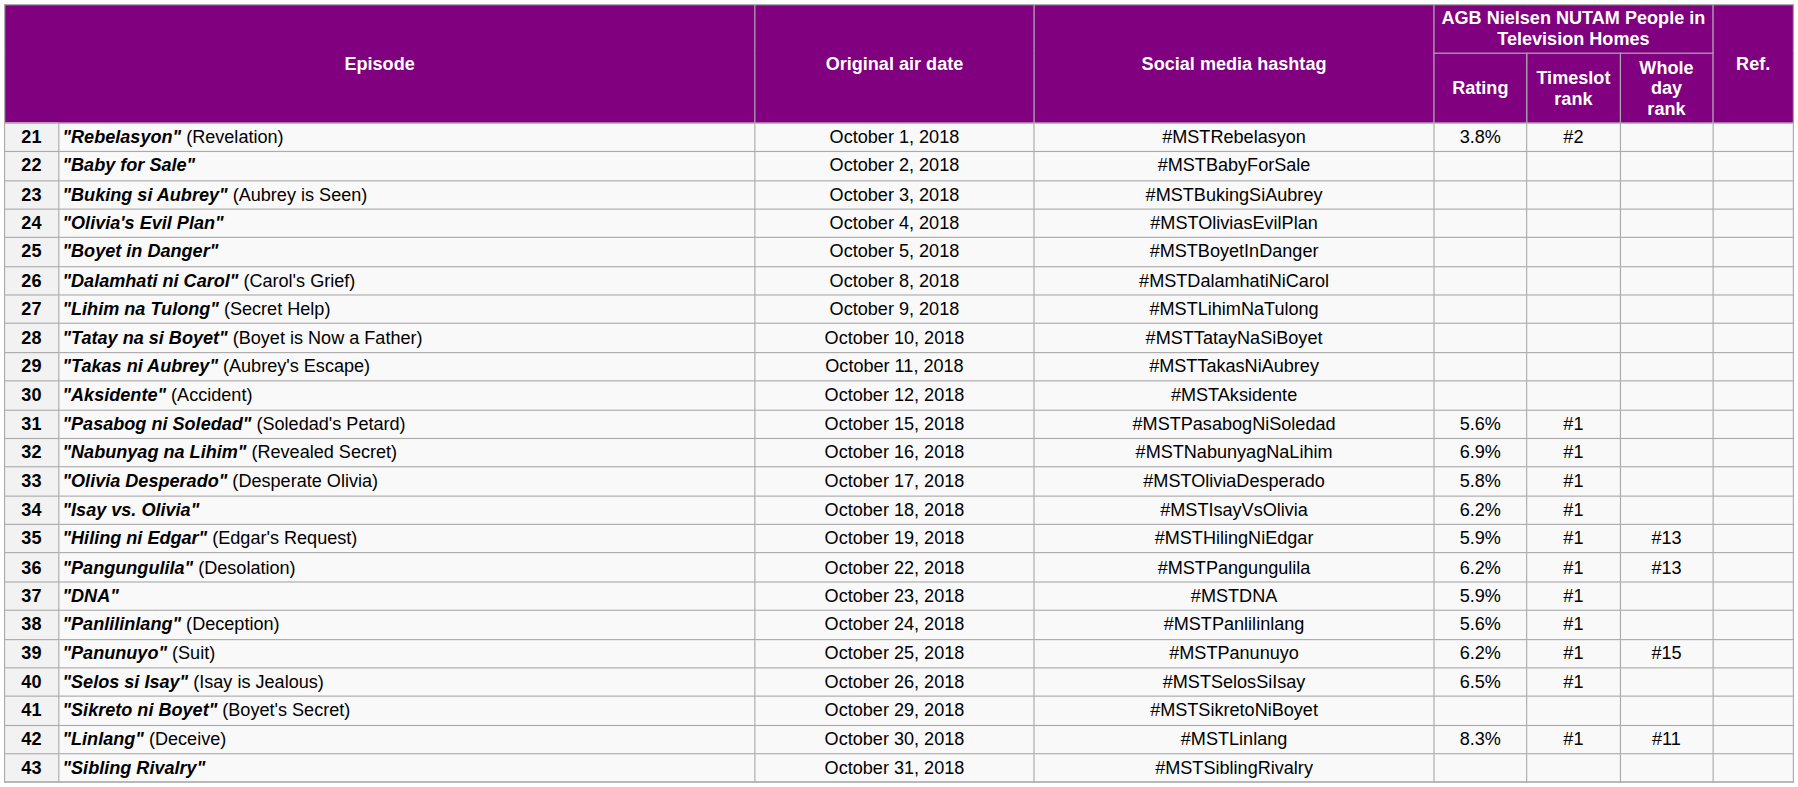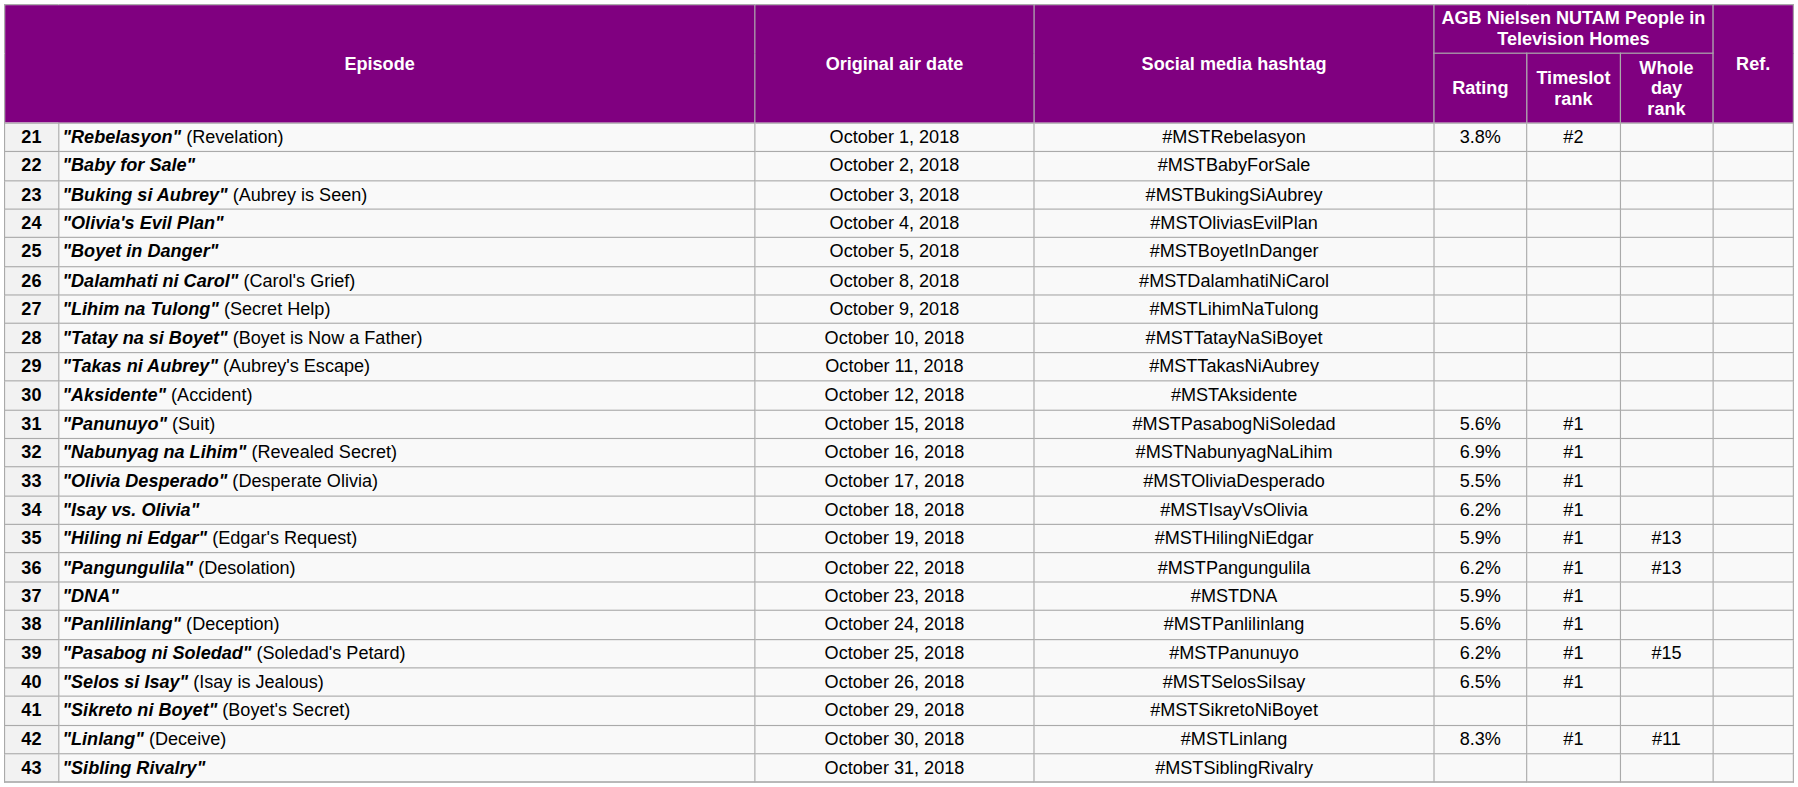 <table class="wikitable" style="text-align:center; font-size:100%; line-height:18px;" width="100%">
 <tr>
 <th style="background-color:#800080; color:#ffffff;" colspan="2" rowspan="2">Episode</th>
 <th style="background-color:#800080; color:white" rowspan="2">Original air date</th>
 <th style="background-color:#800080; color:white" rowspan="2">Social media hashtag</th>
 <th style="background-color:#800080; color:#ffffff;" colspan="3">AGB Nielsen NUTAM People in Television Homes</th>
 <th style="background-color:#800080;  color:#ffffff;" rowspan="2">Ref.</th>
 </tr>
 <tr>
 <th style="background-color:#800080; width:75px; color:#ffffff;">Rating</th>
 <th style="background-color:#800080;  width:75px; color:#ffffff;">Timeslot<br>rank</th>
 <th style="background-color:#800080; width:75px; color:#ffffff;">Whole day<br>rank</th>
 </tr>
 <tr>
 <th>21</th>
 <td style="text-align: left;"><strong><em>"Rebelasyon"</em></strong> (Revelation)</td>
 <td>October 1, 2018</td>
 <td>#MSTRebelasyon</td>
 <td>3.8%</td>
 <td>#2</td>
 <td></td>
 <td></td>
 </tr>
 <tr>
 <th>22</th>
 <td style="text-align: left;"><strong><em>"Baby for Sale"</em></strong></td>
 <td>October 2, 2018</td>
 <td>#MSTBabyForSale</td>
 <td></td>
 <td></td>
 <td></td>
 <td></td>
 </tr>
 <tr>
 <th>23</th>
 <td style="text-align: left;"><strong><em>"Buking si Aubrey"</em></strong> (Aubrey is Seen)</td>
 <td>October 3, 2018</td>
 <td>#MSTBukingSiAubrey</td>
 <td></td>
 <td></td>
 <td></td>
 <td></td>
 </tr>
 <tr>
 <th>24</th>
 <td style="text-align: left;"><strong><em>"Olivia's Evil Plan"</em></strong></td>
 <td>October 4, 2018</td>
 <td>#MSTOliviasEvilPlan</td>
 <td></td>
 <td></td>
 <td></td>
 <td></td>
 </tr>
 <tr>
 <th>25</th>
 <td style="text-align: left;"><strong><em>"Boyet in Danger"</em></strong></td>
 <td>October 5, 2018</td>
 <td>#MSTBoyetInDanger</td>
 <td></td>
 <td></td>
 <td></td>
 <td></td>
 </tr>
 <tr>
 <th>26</th>
 <td style="text-align: left;"><strong><em>"Dalamhati ni Carol"</em></strong> (Carol's Grief)</td>
 <td>October 8, 2018</td>
 <td>#MSTDalamhatiNiCarol</td>
 <td></td>
 <td></td>
 <td></td>
 <td></td>
 </tr>
 <tr>
 <th>27</th>
 <td style="text-align: left;"><strong><em>"Lihim na Tulong"</em></strong> (Secret Help)</td>
 <td>October 9, 2018</td>
 <td>#MSTLihimNaTulong</td>
 <td></td>
 <td></td>
 <td></td>
 <td></td>
 </tr>
 <tr>
 <th>28</th>
 <td style="text-align: left;"><strong><em>"Tatay na si Boyet"</em></strong> (Boyet is Now a Father)</td>
 <td>October 10, 2018</td>
 <td>#MSTTatayNaSiBoyet</td>
 <td></td>
 <td></td>
 <td></td>
 <td></td>
 </tr>
 <tr>
 <th>29</th>
 <td style="text-align: left;"><strong><em>"Takas ni Aubrey"</em></strong> (Aubrey's Escape)</td>
 <td>October 11, 2018</td>
 <td>#MSTTakasNiAubrey</td>
 <td></td>
 <td></td>
 <td></td>
 <td></td>
 </tr>
 <tr>
 <th>30</th>
 <td style="text-align: left;"><strong><em>"Aksidente"</em></strong> (Accident)</td>
 <td>October 12, 2018</td>
 <td>#MSTAksidente</td>
 <td></td>
 <td></td>
 <td></td>
 <td></td>
 </tr>
 <tr>
 <th>31</th>
-<td style="text-align: left;"><strong><em>"Pasabog ni Soledad"</em></strong> (Soledad's Petard)</td>
+<td style="text-align: left;"><strong><em>"Panunuyo"</em></strong> (Suit)</td>
 <td>October 15, 2018</td>
 <td>#MSTPasabogNiSoledad</td>
 <td>5.6%</td>
 <td>#1</td>
 <td></td>
 <td></td>
 </tr>
 <tr>
 <th>32</th>
 <td style="text-align: left;"><strong><em>"Nabunyag na Lihim"</em></strong> (Revealed Secret)</td>
 <td>October 16, 2018</td>
 <td>#MSTNabunyagNaLihim</td>
 <td>6.9%</td>
 <td>#1</td>
 <td></td>
 <td></td>
 </tr>
 <tr>
 <th>33</th>
 <td style="text-align: left;"><strong><em>"Olivia Desperado"</em></strong> (Desperate Olivia)</td>
 <td>October 17, 2018</td>
 <td>#MSTOliviaDesperado</td>
-<td>5.8%</td>
+<td>5.5%</td>
 <td>#1</td>
 <td></td>
 <td></td>
 </tr>
 <tr>
 <th>34</th>
 <td style="text-align: left;"><strong><em>"Isay vs. Olivia"</em></strong></td>
 <td>October 18, 2018</td>
 <td>#MSTIsayVsOlivia</td>
 <td>6.2%</td>
 <td>#1</td>
 <td></td>
 <td></td>
 </tr>
 <tr>
 <th>35</th>
 <td style="text-align: left;"><strong><em>"Hiling ni Edgar"</em></strong> (Edgar's Request)</td>
 <td>October 19, 2018</td>
 <td>#MSTHilingNiEdgar</td>
 <td>5.9%</td>
 <td>#1</td>
 <td>#13</td>
 <td></td>
 </tr>
 <tr>
 <th>36</th>
 <td style="text-align: left;"><strong><em>"Pangungulila"</em></strong> (Desolation)</td>
 <td>October 22, 2018</td>
 <td>#MSTPangungulila</td>
 <td>6.2%</td>
 <td>#1</td>
 <td>#13</td>
 <td></td>
 </tr>
 <tr>
 <th>37</th>
 <td style="text-align: left;"><strong><em>"DNA"</em></strong></td>
 <td>October 23, 2018</td>
 <td>#MSTDNA</td>
 <td>5.9%</td>
 <td>#1</td>
 <td></td>
 <td></td>
 </tr>
 <tr>
 <th>38</th>
 <td style="text-align: left;"><strong><em>"Panlilinlang"</em></strong> (Deception)</td>
 <td>October 24, 2018</td>
 <td>#MSTPanlilinlang</td>
 <td>5.6%</td>
 <td>#1</td>
 <td></td>
 <td></td>
 </tr>
 <tr>
 <th>39</th>
-<td style="text-align: left;"><strong><em>"Panunuyo"</em></strong> (Suit)</td>
+<td style="text-align: left;"><strong><em>"Pasabog ni Soledad"</em></strong> (Soledad's Petard)</td>
 <td>October 25, 2018</td>
 <td>#MSTPanunuyo</td>
 <td>6.2%</td>
 <td>#1</td>
 <td>#15</td>
 <td></td>
 </tr>
 <tr>
 <th>40</th>
 <td style="text-align: left;"><strong><em>"Selos si Isay"</em></strong> (Isay is Jealous)</td>
 <td>October 26, 2018</td>
 <td>#MSTSelosSiIsay</td>
 <td>6.5%</td>
 <td>#1</td>
 <td></td>
 <td></td>
 </tr>
 <tr>
 <th>41</th>
 <td style="text-align: left;"><strong><em>"Sikreto ni Boyet"</em></strong> (Boyet's Secret)</td>
 <td>October 29, 2018</td>
 <td>#MSTSikretoNiBoyet</td>
 <td></td>
 <td></td>
 <td></td>
 <td></td>
 </tr>
 <tr>
 <th>42</th>
 <td style="text-align: left;"><strong><em>"Linlang"</em></strong> (Deceive)</td>
 <td>October 30, 2018</td>
 <td>#MSTLinlang</td>
 <td>8.3%</td>
 <td>#1</td>
 <td>#11</td>
 <td></td>
 </tr>
 <tr>
 <th>43</th>
 <td style="text-align: left;"><strong><em>"Sibling Rivalry"</em></strong></td>
 <td>October 31, 2018</td>
 <td>#MSTSiblingRivalry</td>
 <td></td>
 <td></td>
 <td></td>
 <td></td>
 </tr>
 <tr>
 </tr>
 </table>
